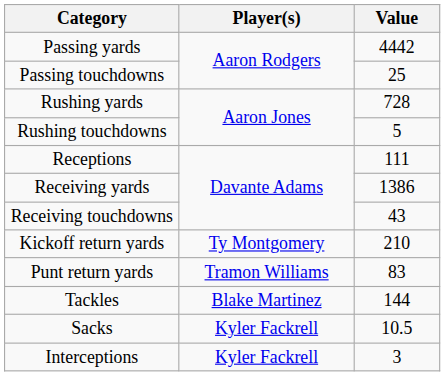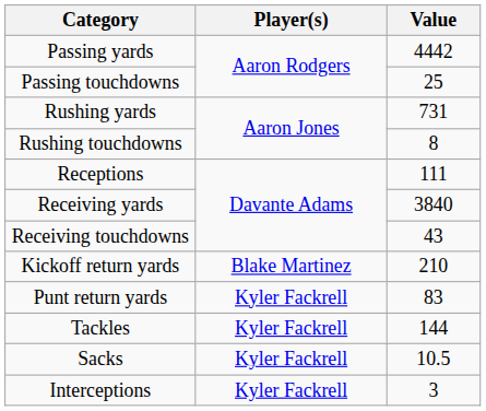 <table class="wikitable" style="text-align:center">
 <tr>
 <th column width=150px>Category</th>
 <th column width=150px>Player(s)</th>
 <th column width=70px>Value</th>
 </tr>
 <tr>
 <td>Passing yards</td>
 <td rowspan=2><a href='#'>Aaron Rodgers</a></td>
 <td>4442</td>
 </tr>
 <tr>
 <td>Passing touchdowns</td>
 <td>25</td>
 </tr>
 <tr>
 <td>Rushing yards</td>
 <td rowspan=2><a href='#'>Aaron Jones</a></td>
-<td>728</td>
+<td>731</td>
 </tr>
 <tr>
 <td>Rushing touchdowns</td>
-<td>5</td>
+<td>8</td>
 </tr>
 <tr>
 <td>Receptions</td>
 <td rowspan=3><a href='#'>Davante Adams</a></td>
 <td>111</td>
 </tr>
 <tr>
 <td>Receiving yards</td>
-<td>1386</td>
+<td>3840</td>
 </tr>
 <tr>
 <td>Receiving touchdowns</td>
 <td>43</td>
 </tr>
 <tr>
 <td>Kickoff return yards</td>
-<td><a href='#'>Ty Montgomery</a></td>
+<td><a href='#'>Blake Martinez</a></td>
 <td>210</td>
 </tr>
 <tr>
 <td>Punt return yards</td>
-<td><a href='#'>Tramon Williams</a></td>
+<td><a href='#'>Kyler Fackrell</a></td>
 <td>83</td>
 </tr>
 <tr>
 <td>Tackles</td>
-<td><a href='#'>Blake Martinez</a></td>
+<td><a href='#'>Kyler Fackrell</a></td>
 <td>144</td>
 </tr>
 <tr>
 <td>Sacks</td>
 <td><a href='#'>Kyler Fackrell</a></td>
 <td>10.5</td>
 </tr>
 <tr>
 <td>Interceptions</td>
 <td><a href='#'>Kyler Fackrell</a></td>
 <td>3</td>
 </tr>
 </table>
